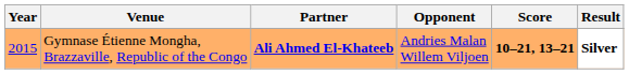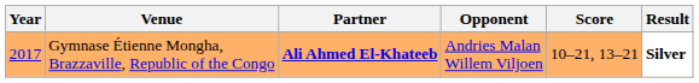 <table class="sortable wikitable" style="font-size: 90%;">
 <tr>
 <th>Year</th>
 <th>Venue</th>
 <th>Partner</th>
 <th>Opponent</th>
 <th>Score</th>
 <th>Result</th>
 </tr>
 <tr>
 </tr>
 <tr style="background:#FFB069">
-<td align="center"><a href='#'>2015</a></td>
+<td align="center"><a href='#'>2017</a></td>
 <td align="left">Gymnase Étienne Mongha,<br><a href='#'>Brazzaville</a>, <a href='#'>Republic of the Congo</a></td>
 <td align="left"><strong> <a href='#'>Ali Ahmed El-Khateeb</a></strong></td>
 <td align="left"> <a href='#'>Andries Malan</a><br> <a href='#'>Willem Viljoen</a></td>
-<td align="left"><strong>10–21, 13–21</strong></td>
+<td align="left">10–21, 13–21</td>
 <td style="text-align:left; background:white"> <strong>Silver</strong></td>
 </tr>
 </table>
